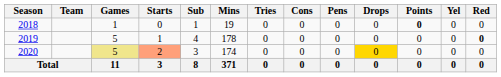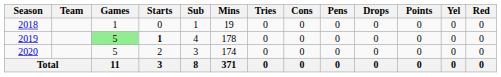 <table class="wikitable" style="text-align:center; line-height:90%; font-size:95%; width:60%;">
 <tr>
 <th>Season</th>
 <th>Team</th>
 <th>Games</th>
 <th>Starts</th>
 <th>Sub</th>
 <th>Mins</th>
 <th>Tries</th>
 <th>Cons</th>
 <th>Pens</th>
 <th>Drops</th>
 <th>Points</th>
 <th>Yel</th>
 <th>Red</th>
 </tr>
 <tr>
 <td><a href='#'>2018</a></td>
 <td></td>
 <td>1</td>
 <td>0</td>
 <td>1</td>
 <td>19</td>
 <td>0</td>
 <td>0</td>
 <td>0</td>
 <td>0</td>
-<td><strong>0</strong></td>
+<td>0</td>
 <td>0</td>
 <td>0</td>
 </tr>
 <tr>
 <td><a href='#'>2019</a></td>
 <td></td>
-<td>5</td>
-<td>1</td>
+<td style="background: lightgreen;">5</td>
+<td><strong>1</strong></td>
 <td>4</td>
 <td>178</td>
 <td>0</td>
 <td>0</td>
 <td>0</td>
 <td>0</td>
 <td>0</td>
 <td>0</td>
-<td><strong>0</strong></td>
+<td>0</td>
 </tr>
 <tr>
 <td><a href='#'>2020</a></td>
 <td></td>
-<td style="background: khaki;">5</td>
-<td style="background: lightsalmon;">2</td>
+<td>5</td>
+<td>2</td>
 <td>3</td>
 <td>174</td>
 <td>0</td>
 <td>0</td>
 <td>0</td>
-<td style="background: gold;">0</td>
+<td>0</td>
 <td>0</td>
 <td>0</td>
 <td>0</td>
 </tr>
 <tr>
 <th colspan="2">Total</th>
 <th>11</th>
 <th>3</th>
 <th>8</th>
 <th>371</th>
 <th>0</th>
 <th>0</th>
 <th>0</th>
 <th>0</th>
 <th>0</th>
 <th>0</th>
 <th>0</th>
 </tr>
 </table>
